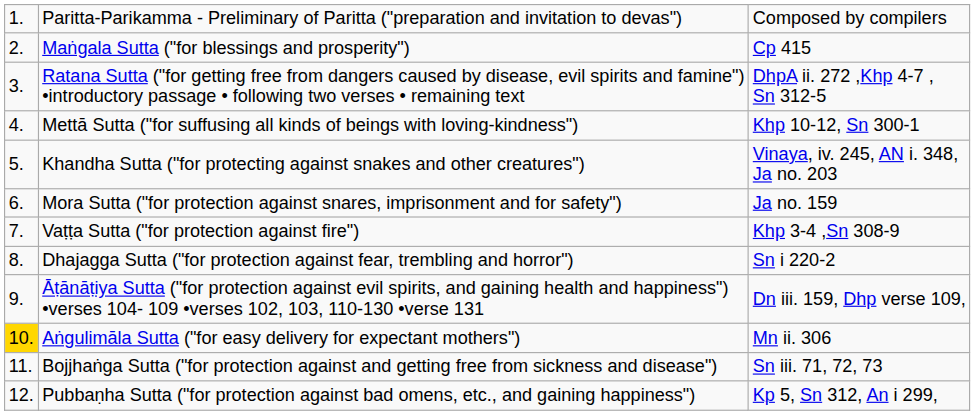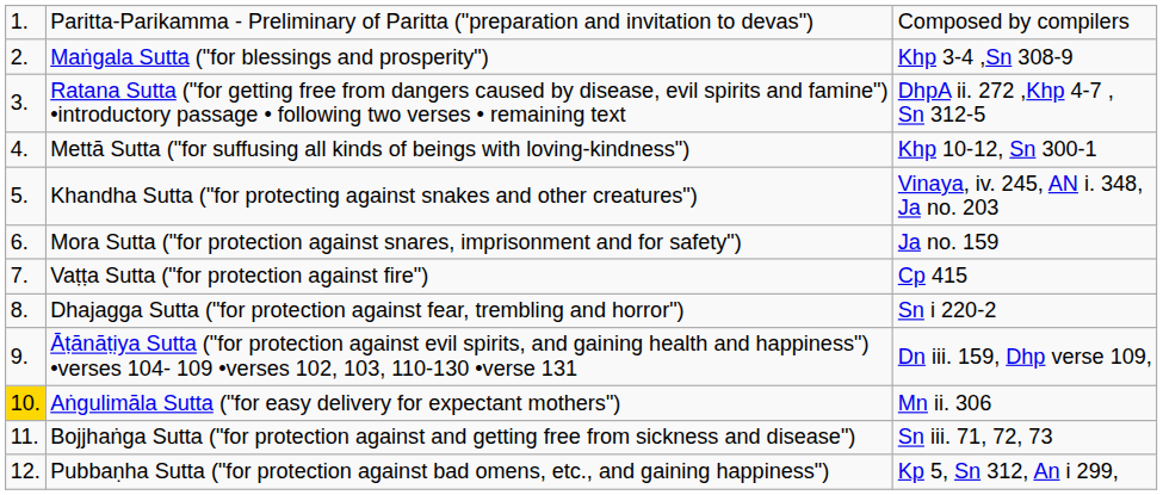 <table class="wikitable mw-collapsible mw-collapsed">
 <tr>
 <td>1.</td>
 <td>Paritta-Parikamma - Preliminary of Paritta ("preparation and invitation to devas")</td>
 <td>Composed by compilers</td>
 </tr>
 <tr>
 <td>2.</td>
 <td><a href='#'>Maṅgala Sutta</a> ("for blessings and prosperity")</td>
-<td><a href='#'>Cp</a> 415</td>
+<td><a href='#'>Khp</a> 3-4 ,<a href='#'>Sn</a> 308-9</td>
 </tr>
 <tr>
 <td>3.</td>
 <td><a href='#'>Ratana Sutta</a> ("for getting free from dangers caused by disease, evil spirits and famine")<br>•introductory passage • following two verses • remaining text</td>
 <td><a href='#'>DhpA</a> ii. 272 ,<a href='#'>Khp</a> 4-7 ,<br><a href='#'>Sn</a> 312-5</td>
 </tr>
 <tr>
 <td>4.</td>
 <td>Mettā Sutta ("for suffusing all kinds of beings with loving-kindness")</td>
 <td><a href='#'>Khp</a> 10-12, <a href='#'>Sn</a> 300-1</td>
 </tr>
 <tr>
 <td>5.</td>
 <td>Khandha Sutta ("for protecting against snakes and other creatures")</td>
 <td><a href='#'>Vinaya</a>, iv. 245, <a href='#'>AN</a> i. 348,<br><a href='#'>Ja</a> no. 203</td>
 </tr>
 <tr>
 <td>6.</td>
 <td>Mora Sutta ("for protection against snares, imprisonment and for safety")</td>
 <td><a href='#'>Ja</a> no. 159</td>
 </tr>
 <tr>
 <td>7.</td>
 <td>Vaṭṭa Sutta ("for protection against fire")</td>
-<td><a href='#'>Khp</a> 3-4 ,<a href='#'>Sn</a> 308-9</td>
+<td><a href='#'>Cp</a> 415</td>
 </tr>
 <tr>
 <td>8.</td>
 <td>Dhajagga Sutta ("for protection against fear, trembling and horror")</td>
 <td><a href='#'>Sn</a> i 220-2</td>
 </tr>
 <tr>
 <td>9.</td>
 <td><a href='#'>Āṭānāṭiya Sutta</a> ("for protection against evil spirits, and gaining health and happiness")<br>•verses 104- 109 •verses 102, 103, 110-130 •verse 131</td>
 <td><a href='#'>Dn</a> iii. 159, <a href='#'>Dhp</a> verse 109,</td>
 </tr>
 <tr>
 <td style="background: gold;">10.</td>
 <td><a href='#'>Aṅgulimāla Sutta</a> ("for easy delivery for expectant mothers")</td>
 <td><a href='#'>Mn</a> ii. 306</td>
 </tr>
 <tr>
 <td>11.</td>
 <td>Bojjhaṅga Sutta ("for protection against and getting free from sickness and disease")</td>
 <td><a href='#'>Sn</a> iii. 71, 72, 73</td>
 </tr>
 <tr>
 <td>12.</td>
 <td>Pubbaṇha Sutta ("for protection against bad omens, etc., and gaining happiness")</td>
 <td><a href='#'>Kp</a> 5, <a href='#'>Sn</a> 312, <a href='#'>An</a> i 299,</td>
 </tr>
 </table>
